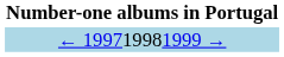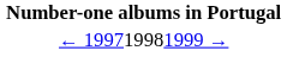 <table class="toc" id="toc" summary="Contents">
 <tr>
 <th>Number-one albums in Portugal</th>
 </tr>
 <tr>
-<td align="center" style="background: lightblue;"><a href='#'>← 1997</a>1998<a href='#'>1999 →</a></td>
+<td align="center"><a href='#'>← 1997</a>1998<a href='#'>1999 →</a></td>
 </tr>
 </table>
